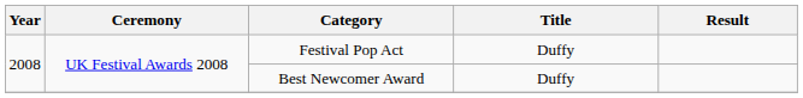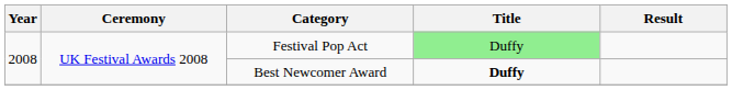 <table class="wikitable" style="text-align:center; font-size:90%; line-height:20px;">
 <tr>
 <th>Year</th>
 <th width="180px">Ceremony</th>
 <th width="180px">Category</th>
 <th width="180px">Title</th>
 <th width="120px">Result</th>
 </tr>
 <tr>
 <td rowspan="2">2008</td>
 <td rowspan="2"><a href='#'>UK Festival Awards</a> 2008</td>
 <td>Festival Pop Act</td>
-<td>Duffy</td>
+<td style="background: lightgreen;">Duffy</td>
 <td></td>
 </tr>
 <tr>
 <td>Best Newcomer Award</td>
-<td>Duffy</td>
+<td><strong>Duffy</strong></td>
 <td></td>
 </tr>
 <tr>
 </tr>
 </table>
